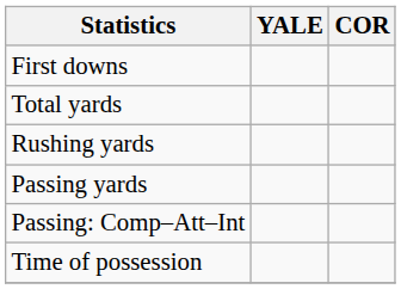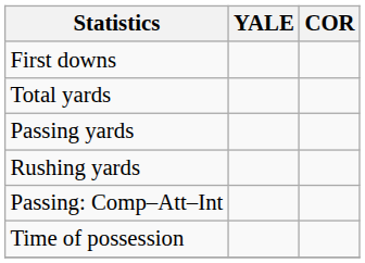 <table class="wikitable" style="float: left;">
 <tr>
 <th>Statistics</th>
 <th>YALE</th>
 <th>COR</th>
 </tr>
 <tr>
 <td>First downs</td>
 <td></td>
 <td></td>
 </tr>
 <tr>
 <td>Total yards</td>
 <td></td>
 <td></td>
 </tr>
 <tr>
-<td>Rushing yards</td>
+<td>Passing yards</td>
 <td></td>
 <td></td>
 </tr>
 <tr>
-<td>Passing yards</td>
+<td>Rushing yards</td>
 <td></td>
 <td></td>
 </tr>
 <tr>
 <td>Passing: Comp–Att–Int</td>
 <td></td>
 <td></td>
 </tr>
 <tr>
 <td>Time of possession</td>
 <td></td>
 <td></td>
 </tr>
 <tr>
 </tr>
 </table>
